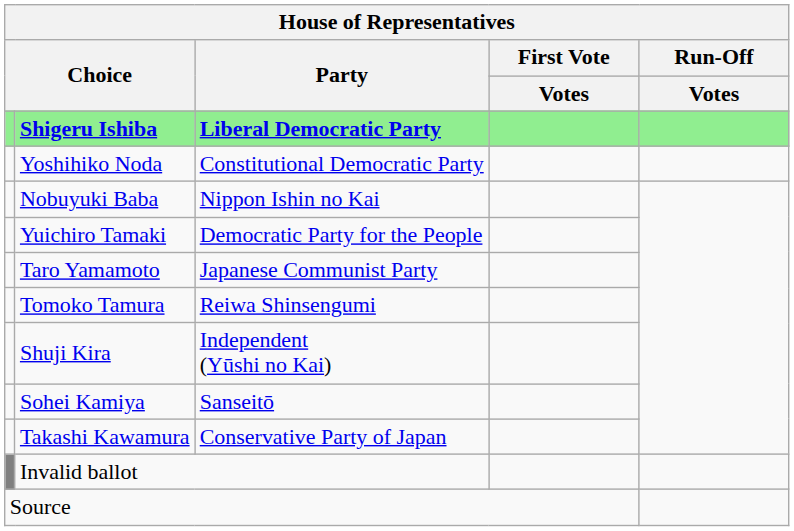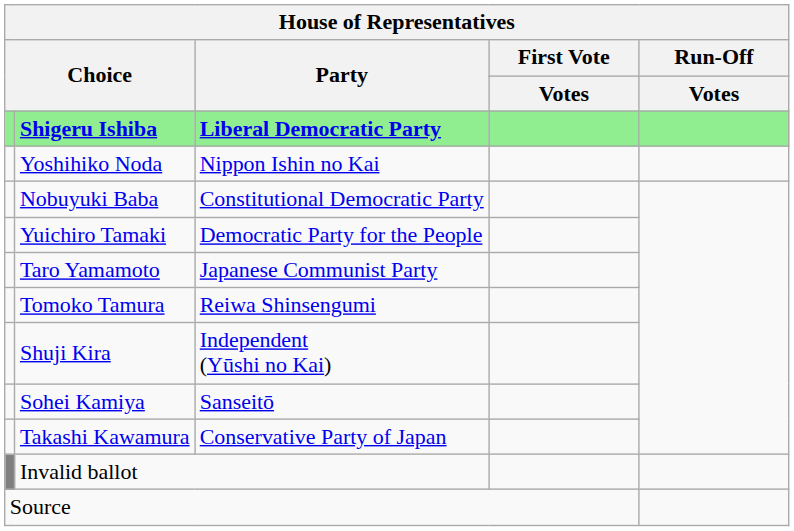 <table class="wikitable" style="font-size:98%;">
 <tr>
 <th colspan="5">House of Representatives</th>
 </tr>
 <tr>
 <th align="left" rowspan="2" colspan="2" width="100">Choice</th>
 <th rowspan="2">Party</th>
 <th>First Vote</th>
 <th>Run-Off</th>
 </tr>
 <tr>
 <th width="100">Votes</th>
 <th width="100">Votes</th>
 </tr>
 <tr style="background:lightgreen;">
 <td style="color:inherit;background:"></td>
 <td style="text-align:left;"><strong><a href='#'>Shigeru Ishiba</a></strong></td>
 <td style="text-align:left;"><strong><a href='#'>Liberal Democratic Party</a></strong></td>
 <td><strong></strong></td>
 <td><strong></strong></td>
 </tr>
 <tr>
 <td style="color:inherit;background:"></td>
 <td style="text-align:left;"><a href='#'>Yoshihiko Noda</a></td>
-<td style="text-align:left;"><a href='#'>Constitutional Democratic Party</a></td>
+<td style="text-align:left;"><a href='#'>Nippon Ishin no Kai</a></td>
 <td></td>
 <td></td>
 </tr>
 <tr>
 <td style="color:inherit;background:"></td>
 <td style="text-align:left;"><a href='#'>Nobuyuki Baba</a></td>
-<td style="text-align:left;"><a href='#'>Nippon Ishin no Kai</a></td>
+<td style="text-align:left;"><a href='#'>Constitutional Democratic Party</a></td>
 <td></td>
 </tr>
 <tr>
 <td style="color:inherit;background:"></td>
 <td style="text-align:left;"><a href='#'>Yuichiro Tamaki</a></td>
 <td style="text-align:left;"><a href='#'>Democratic Party for the People</a></td>
 <td></td>
 </tr>
 <tr>
 <td style="color:inherit;background:"></td>
 <td style="text-align:left;"><a href='#'>Taro Yamamoto</a></td>
 <td style="text-align:left;"><a href='#'>Japanese Communist Party</a></td>
 <td></td>
 </tr>
 <tr>
 <td style="color:inherit;background:"></td>
 <td style="text-align:left;"><a href='#'>Tomoko Tamura</a></td>
 <td style="text-align:left;"><a href='#'>Reiwa Shinsengumi</a></td>
 <td></td>
 </tr>
 <tr>
 <td style="color:inherit;background:"></td>
 <td style="text-align:left;"><a href='#'>Shuji Kira</a></td>
 <td style="text-align:left;"><a href='#'>Independent</a><br>(<a href='#'>Yūshi no Kai</a>)</td>
 <td></td>
 </tr>
 <tr>
 <td style="color:inherit;background:"></td>
 <td style="text-align:left;"><a href='#'>Sohei Kamiya</a></td>
 <td style="text-align:left;"><a href='#'>Sanseitō</a></td>
 <td></td>
 </tr>
 <tr>
 <td style="color:inherit;background:"></td>
 <td style="text-align:left;"><a href='#'>Takashi Kawamura</a></td>
 <td style="text-align:left;"><a href='#'>Conservative Party of Japan</a></td>
 <td></td>
 </tr>
 <tr>
 <td bgcolor="gray"></td>
 <td colspan=2 style="text-align:left;">Invalid ballot</td>
 <td></td>
 <td></td>
 </tr>
 <tr>
 <td colspan=4>Source</td>
 </tr>
 </table>
